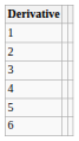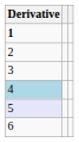 <table class="wikitable">
 <tr>
 <th>Derivative</th>
 <th></th>
 <th></th>
 </tr>
 <tr>
-<td>1</td>
+<td><strong>1</strong></td>
 <td></td>
 <td></td>
 </tr>
 <tr>
 <td>2</td>
 <td></td>
 <td></td>
 </tr>
 <tr>
 <td>3</td>
 <td></td>
 <td></td>
 </tr>
 <tr>
-<td>4</td>
+<td style="background: lightblue;">4</td>
 <td></td>
 <td></td>
 </tr>
 <tr>
-<td>5</td>
+<td style="background: lavender;">5</td>
 <td></td>
 <td></td>
 </tr>
 <tr>
 <td>6</td>
 <td></td>
 <td></td>
 </tr>
 </table>
